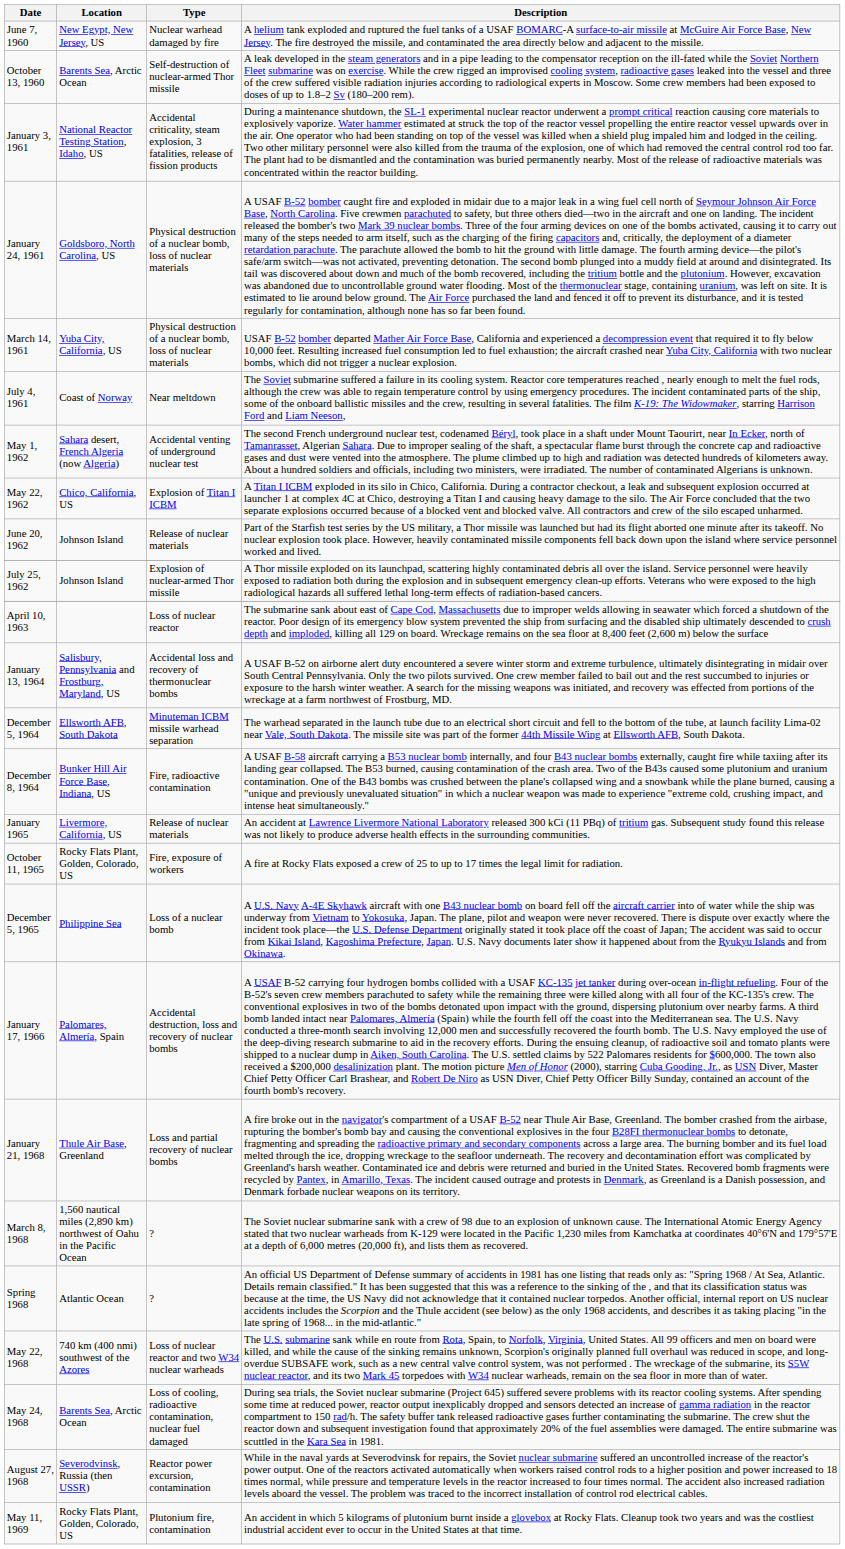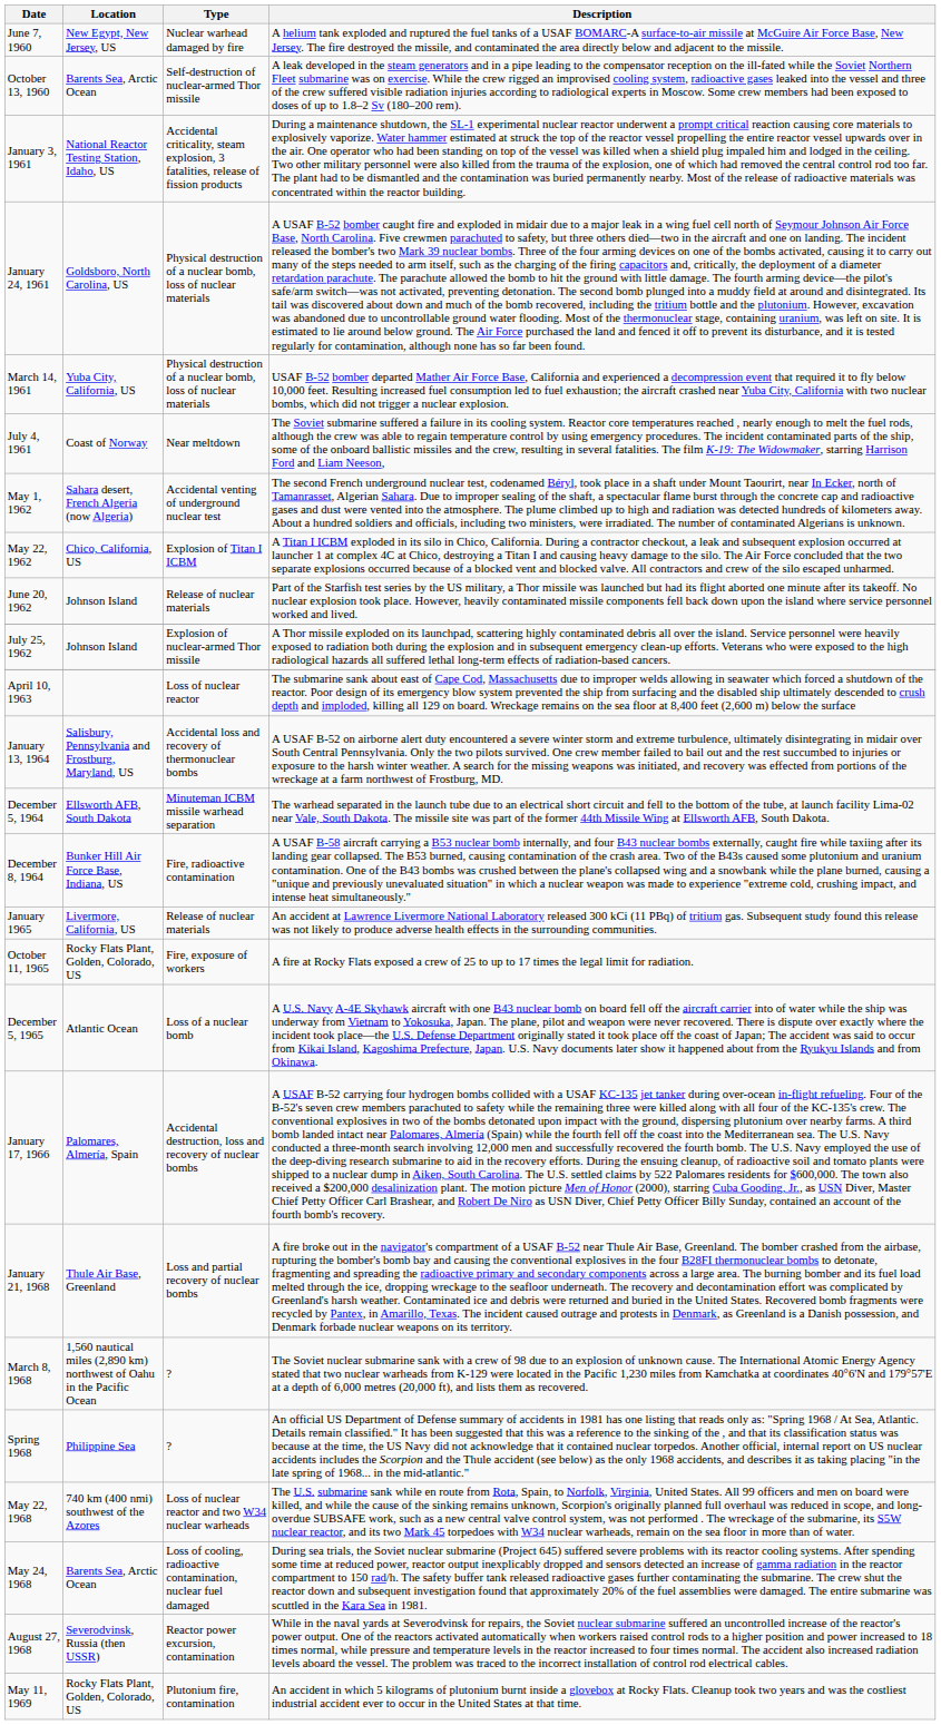 <table class="wikitable toptextcells">
 <tr>
 <th>Date</th>
 <th>Location</th>
 <th>Type</th>
 <th>Description</th>
 </tr>
 <tr>
 <td>June 7, 1960</td>
 <td><a href='#'>New Egypt, New Jersey</a>, US</td>
 <td>Nuclear warhead damaged by fire</td>
 <td>A <a href='#'>helium</a> tank exploded and ruptured the fuel tanks of a USAF <a href='#'>BOMARC</a>-A <a href='#'>surface-to-air missile</a> at <a href='#'>McGuire Air Force Base</a>, <a href='#'>New Jersey</a>. The fire destroyed the missile, and contaminated the area directly below and adjacent to the missile.</td>
 </tr>
 <tr>
 <td>October 13, 1960</td>
 <td><a href='#'>Barents Sea</a>, Arctic Ocean</td>
 <td>Self-destruction of nuclear-armed Thor missile</td>
 <td>A leak developed in the <a href='#'>steam generators</a> and in a pipe leading to the compensator reception on the ill-fated  while the <a href='#'>Soviet</a> <a href='#'>Northern Fleet</a>  <a href='#'>submarine</a> was on <a href='#'>exercise</a>. While the crew rigged an improvised <a href='#'>cooling system</a>, <a href='#'>radioactive gases</a> leaked into the vessel and three of the crew suffered visible radiation injuries according to radiological experts in Moscow. Some crew members had been exposed to doses of up to 1.8–2 <a href='#'>Sv</a> (180–200 rem).</td>
 </tr>
 <tr>
 <td>January 3, 1961</td>
 <td><a href='#'>National Reactor Testing Station</a>, <a href='#'>Idaho</a>, US</td>
 <td>Accidental criticality, steam explosion, 3 fatalities, release of fission products</td>
 <td>During a maintenance shutdown, the <a href='#'>SL-1</a> experimental nuclear reactor underwent a <a href='#'>prompt critical</a> reaction causing core materials to explosively vaporize. <a href='#'>Water hammer</a> estimated at  struck the top of the reactor vessel propelling the entire reactor vessel upwards over  in the air. One operator who had been standing on top of the vessel was killed when a shield plug impaled him and lodged in the ceiling. Two other military personnel were also killed from the trauma of the explosion, one of which had removed the central control rod too far. The plant had to be dismantled and the contamination was buried permanently nearby. Most of the release of radioactive materials was concentrated within the reactor building.</td>
 </tr>
 <tr>
 <td>January 24, 1961</td>
 <td><a href='#'>Goldsboro, North Carolina</a>, US</td>
 <td>Physical destruction of a nuclear bomb, loss of nuclear materials</td>
 <td><br>A USAF <a href='#'>B-52</a> <a href='#'>bomber</a> caught fire and exploded in midair due to a major leak in a wing fuel cell  north of <a href='#'>Seymour Johnson Air Force Base</a>, <a href='#'>North Carolina</a>. Five crewmen <a href='#'>parachuted</a> to safety, but three others died—two in the aircraft and one on landing. The incident released the bomber's two <a href='#'>Mark 39 nuclear bombs</a>. Three of the four arming devices on one of the bombs activated, causing it to carry out many of the steps needed to arm itself, such as the charging of the firing <a href='#'>capacitors</a> and, critically, the deployment of a  diameter <a href='#'>retardation parachute</a>. The parachute allowed the bomb to hit the ground with little damage. The fourth arming device—the pilot's safe/arm switch—was not activated, preventing detonation. The second bomb plunged into a muddy field at around  and disintegrated. Its tail was discovered about  down and much of the bomb recovered, including the <a href='#'>tritium</a> bottle and the <a href='#'>plutonium</a>. However, excavation was abandoned due to uncontrollable ground water flooding. Most of the <a href='#'>thermonuclear</a> stage, containing <a href='#'>uranium</a>, was left on site. It is estimated to lie around  below ground. The <a href='#'>Air Force</a> purchased the land and fenced it off to prevent its disturbance, and it is tested regularly for contamination, although none has so far been found.</td>
 </tr>
 <tr>
 <td>March 14, 1961</td>
 <td><a href='#'>Yuba City, California</a>, US</td>
 <td>Physical destruction of a nuclear bomb, loss of nuclear materials</td>
 <td><br>USAF <a href='#'>B-52</a> <a href='#'>bomber</a> departed <a href='#'>Mather Air Force Base</a>, California and experienced a <a href='#'>decompression event</a> that required it to fly below 10,000 feet.  Resulting increased fuel consumption led to fuel exhaustion; the aircraft crashed near <a href='#'>Yuba City, California</a> with two nuclear bombs, which did not trigger a nuclear explosion.</td>
 </tr>
 <tr>
 <td>July 4, 1961</td>
 <td>Coast of <a href='#'>Norway</a></td>
 <td>Near meltdown</td>
 <td>The <a href='#'>Soviet</a>  submarine  suffered a failure in its cooling system. Reactor core temperatures reached , nearly enough to melt the fuel rods, although the crew was able to regain temperature control by using emergency procedures. The incident contaminated parts of the ship, some of the onboard ballistic missiles and the crew, resulting in several fatalities.  The film <em><a href='#'>K-19: The Widowmaker</a></em>, starring <a href='#'>Harrison Ford</a> and <a href='#'>Liam Neeson</a>, </td>
 </tr>
 <tr>
 <td>May 1, 1962</td>
 <td><a href='#'>Sahara</a> desert, <a href='#'>French Algeria</a> (now <a href='#'>Algeria</a>)</td>
 <td>Accidental venting of underground nuclear test</td>
 <td>The second French underground nuclear test, codenamed <a href='#'>Béryl</a>, took place in a shaft under Mount Taourirt, near <a href='#'>In Ecker</a>,  north of <a href='#'>Tamanrasset</a>, Algerian <a href='#'>Sahara</a>. Due to improper sealing of the shaft, a spectacular flame burst through the concrete cap and radioactive gases and dust were vented into the atmosphere. The plume climbed up to  high and radiation was detected hundreds of kilometers away. About a hundred soldiers and officials, including two ministers, were irradiated. The number of contaminated Algerians is unknown.</td>
 </tr>
 <tr>
 <td>May 22, 1962</td>
 <td><a href='#'>Chico, California</a>, US</td>
 <td>Explosion of <a href='#'>Titan I ICBM</a></td>
 <td>A <a href='#'>Titan I ICBM</a> exploded in its silo in Chico, California. During a contractor checkout, a leak and subsequent explosion occurred at launcher 1 at complex 4C at Chico, destroying a Titan I and causing heavy damage to the silo. The Air Force concluded that the two separate explosions occurred because of a blocked vent and blocked valve.  All contractors and crew of the silo escaped unharmed.</td>
 </tr>
 <tr>
 <td>June 20, 1962</td>
 <td>Johnson Island</td>
 <td>Release of nuclear materials</td>
 <td>Part of the Starfish test series by the US military, a Thor missile was launched but had its flight aborted one minute after its takeoff. No nuclear explosion took place. However, heavily contaminated missile components fell back down upon the island where service personnel worked and lived.</td>
 </tr>
 <tr https://nautilus.org/apsnet/cleaning-up-johnston-atoll/>
 </tr>
 <tr>
 <td>July 25, 1962</td>
 <td>Johnson Island</td>
 <td>Explosion of nuclear-armed Thor missile</td>
 <td>A Thor missile exploded on its launchpad, scattering highly contaminated debris all over the island. Service personnel were heavily exposed to radiation both during the explosion and in subsequent emergency clean-up efforts. Veterans who were exposed to the high radiological hazards all suffered lethal long-term effects of radiation-based cancers.</td>
 </tr>
 <tr https://nautilus.org/apsnet/cleaning-up-johnston-atoll/>
 </tr>
 <tr>
 <td>April 10, 1963</td>
 <td></td>
 <td>Loss of nuclear reactor</td>
 <td>The submarine  sank about  east of <a href='#'>Cape Cod</a>, <a href='#'>Massachusetts</a> due to improper welds allowing in seawater which forced a shutdown of the reactor. Poor design of its emergency blow system prevented the ship from surfacing and the disabled ship ultimately descended to <a href='#'>crush depth</a> and <a href='#'>imploded</a>, killing all 129 on board. Wreckage remains on the sea floor  at  8,400 feet (2,600 m) below the surface</td>
 </tr>
 <tr>
 <td>January 13, 1964</td>
 <td><a href='#'>Salisbury, Pennsylvania</a> and <a href='#'>Frostburg, Maryland</a>, US</td>
 <td>Accidental loss and recovery of thermonuclear bombs</td>
 <td><br>A USAF B-52 on airborne alert duty encountered a severe winter storm and extreme turbulence, ultimately disintegrating in midair over South Central Pennsylvania. Only the two pilots survived. One crew member failed to bail out and the rest succumbed to injuries or exposure to the harsh winter weather. A search for the missing weapons was initiated, and recovery was effected from portions of the wreckage at a farm northwest of Frostburg, MD.</td>
 </tr>
 <tr>
 <td>December 5, 1964</td>
 <td><a href='#'>Ellsworth AFB</a>, <a href='#'>South Dakota</a></td>
 <td><a href='#'>Minuteman ICBM</a> missile warhead separation</td>
 <td>The warhead separated in the launch tube due to an electrical short circuit and fell to the bottom of the tube, at launch facility Lima-02 near <a href='#'>Vale, South Dakota</a>. The missile site was part of the former <a href='#'>44th Missile Wing</a> at <a href='#'>Ellsworth AFB</a>, South Dakota.</td>
 </tr>
 <tr>
 <td>December 8, 1964</td>
 <td><a href='#'>Bunker Hill Air Force Base</a>, <a href='#'>Indiana</a>, US</td>
 <td>Fire, radioactive contamination</td>
 <td>A USAF <a href='#'>B-58</a> aircraft carrying a <a href='#'>B53 nuclear bomb</a> internally, and four <a href='#'>B43 nuclear bombs</a> externally, caught fire while taxiing after its landing gear collapsed. The B53 burned, causing contamination of the crash area. Two of the B43s caused some plutonium and uranium contamination. One of the B43 bombs was crushed between the plane's collapsed wing and a snowbank while the plane burned, causing a "unique and previously unevaluated situation" in which a nuclear weapon was made to experience "extreme cold, crushing impact, and intense heat simultaneously."</td>
 </tr>
 <tr>
 <td>January 1965</td>
 <td><a href='#'>Livermore, California</a>, US</td>
 <td>Release of nuclear materials</td>
 <td>An accident at <a href='#'>Lawrence Livermore National Laboratory</a> released 300 kCi (11 PBq) of <a href='#'>tritium</a> gas. Subsequent study found this release was not likely to produce adverse health effects in the surrounding communities.</td>
 </tr>
 <tr>
 <td>October 11, 1965</td>
 <td>Rocky Flats Plant, Golden, Colorado, US</td>
 <td>Fire, exposure of workers</td>
 <td>A fire at Rocky Flats exposed a crew of 25 to up to 17 times the legal limit for radiation.</td>
 </tr>
 <tr>
 <td>December 5, 1965</td>
-<td><a href='#'>Philippine Sea</a></td>
+<td>Atlantic Ocean</td>
 <td>Loss of a nuclear bomb</td>
 <td><br>A <a href='#'>U.S. Navy</a> <a href='#'>A-4E Skyhawk</a> aircraft with one <a href='#'>B43 nuclear bomb</a> on board fell off the <a href='#'>aircraft carrier</a>  into  of water while the ship was underway from <a href='#'>Vietnam</a> to <a href='#'>Yokosuka</a>, Japan. The plane, pilot and weapon were never recovered. There is dispute over exactly where the incident took place—the <a href='#'>U.S. Defense Department</a> originally stated it took place  off the coast of Japan; The accident was said to occur  from <a href='#'>Kikai Island</a>, <a href='#'>Kagoshima Prefecture</a>, <a href='#'>Japan</a>. U.S. Navy documents later show it happened about  from the <a href='#'>Ryukyu Islands</a> and  from <a href='#'>Okinawa</a>.</td>
 </tr>
 <tr>
 <td>January 17, 1966</td>
 <td><a href='#'>Palomares, Almería</a>, Spain</td>
 <td>Accidental destruction, loss and recovery of nuclear bombs</td>
 <td><br>A <a href='#'>USAF</a> B-52 carrying four hydrogen bombs collided with a USAF <a href='#'>KC-135</a> <a href='#'>jet tanker</a> during over-ocean <a href='#'>in-flight refueling</a>. Four of the B-52's seven crew members parachuted to safety while the remaining three were killed along with all four of the KC-135's crew. The conventional explosives in two of the bombs detonated upon impact with the ground, dispersing plutonium over nearby farms. A third bomb landed intact near <a href='#'>Palomares, Almería</a> (Spain) while the fourth fell  off the coast into the Mediterranean sea. The U.S. Navy conducted a three-month search involving 12,000 men and successfully recovered the fourth bomb. The U.S. Navy employed the use of the deep-diving research submarine  to aid in the recovery efforts. During the ensuing cleanup,  of radioactive soil and tomato plants were shipped to a nuclear dump in <a href='#'>Aiken, South Carolina</a>. The U.S. settled claims by 522 Palomares residents for <a href='#'>$</a>600,000. The town also received a $200,000 <a href='#'>desalinization</a> plant. The motion picture <em><a href='#'>Men of Honor</a></em> (2000), starring <a href='#'>Cuba Gooding, Jr.</a>, as <a href='#'>USN</a> Diver, Master Chief Petty Officer Carl Brashear, and <a href='#'>Robert De Niro</a> as USN Diver, Chief Petty Officer Billy Sunday, contained an account of the fourth bomb's recovery.</td>
 </tr>
 <tr>
 <td>January 21, 1968</td>
 <td><a href='#'>Thule Air Base</a>, Greenland</td>
 <td>Loss and partial recovery of nuclear bombs</td>
 <td><br>A fire broke out in the <a href='#'>navigator</a>'s compartment of a USAF <a href='#'>B-52</a> near Thule Air Base, Greenland. The bomber crashed  from the airbase, rupturing the bomber's bomb bay and causing the conventional explosives in the four <a href='#'>B28FI thermonuclear bombs</a> to detonate, fragmenting and spreading the <a href='#'>radioactive primary and secondary components</a> across a large area. The burning bomber and its fuel load melted through the ice, dropping wreckage to the seafloor underneath.  The recovery and decontamination effort was complicated by Greenland's harsh weather. Contaminated ice and debris were returned and buried in the United States. Recovered bomb fragments were recycled by <a href='#'>Pantex</a>, in <a href='#'>Amarillo, Texas</a>. The incident caused outrage and protests in <a href='#'>Denmark</a>, as Greenland is a Danish possession, and Denmark forbade nuclear weapons on its territory.</td>
 </tr>
 <tr>
 <td>March 8, 1968</td>
 <td>1,560 nautical miles (2,890 km) northwest of Oahu in the Pacific Ocean</td>
 <td>?</td>
 <td>The Soviet nuclear submarine  sank with a crew of 98 due to an explosion of unknown cause. The International Atomic Energy Agency stated that two nuclear warheads from K-129 were located in the Pacific 1,230 miles from Kamchatka at coordinates 40°6'N and 179°57'E at a depth of 6,000 metres (20,000 ft), and lists them as recovered.</td>
 </tr>
 <tr>
 <td>Spring 1968</td>
-<td>Atlantic Ocean</td>
+<td><a href='#'>Philippine Sea</a></td>
 <td>?</td>
 <td>An official US Department of Defense summary of accidents in 1981 has one listing that reads only as: "Spring 1968 / At Sea, Atlantic. Details remain classified." It has been suggested that this was a reference to the sinking of the , and that its classification status was because at the time, the US Navy did not acknowledge that it contained nuclear torpedos. Another official, internal report on US nuclear accidents includes the <em>Scorpion</em> and the Thule accident (see below) as the only 1968 accidents, and describes it as taking placing "in the late spring of 1968... in the mid-atlantic."</td>
 </tr>
 <tr>
 <td>May 22, 1968</td>
 <td>740 km (400 nmi) southwest of the <a href='#'>Azores</a></td>
 <td>Loss of nuclear reactor and two <a href='#'>W34</a> nuclear warheads</td>
 <td>The <a href='#'>U.S.</a> <a href='#'>submarine</a>  sank while en route from <a href='#'>Rota</a>, Spain, to <a href='#'>Norfolk</a>, <a href='#'>Virginia</a>, United States. All 99 officers and men on board were killed, and while the cause of the sinking remains unknown, Scorpion's originally planned full overhaul was reduced in scope, and long-overdue SUBSAFE work, such as a new central valve control system, was not performed . The wreckage of the submarine, its <a href='#'>S5W</a> <a href='#'>nuclear reactor</a>, and its two <a href='#'>Mark 45</a> torpedoes with <a href='#'>W34</a> nuclear warheads, remain on the sea floor in more than  of water.</td>
 </tr>
 <tr>
 <td>May 24, 1968</td>
 <td><a href='#'>Barents Sea</a>, Arctic Ocean</td>
 <td>Loss of cooling, radioactive contamination, nuclear fuel damaged</td>
 <td>During sea trials, the Soviet nuclear submarine  (Project 645) suffered severe problems with its reactor cooling systems. After spending some time at reduced power, reactor output inexplicably dropped and sensors detected an increase of <a href='#'>gamma radiation</a> in the reactor compartment to 150 <a href='#'>rad</a>/h. The safety buffer tank released radioactive gases further contaminating the submarine. The crew shut the reactor down and subsequent investigation found that approximately 20% of the fuel assemblies were damaged. The entire submarine was scuttled in the <a href='#'>Kara Sea</a> in 1981.</td>
 </tr>
 <tr>
 <td>August 27, 1968</td>
 <td><a href='#'>Severodvinsk</a>, Russia (then <a href='#'>USSR</a>)</td>
 <td>Reactor power excursion, contamination</td>
 <td>While in the naval yards at Severodvinsk for repairs, the Soviet  <a href='#'>nuclear submarine</a>  suffered an uncontrolled increase of the reactor's power output. One of the reactors activated automatically when workers raised control rods to a higher position and power increased to 18 times normal, while pressure and temperature levels in the reactor increased to four times normal. The accident also increased radiation levels aboard the vessel. The problem was traced to the incorrect installation of control rod electrical cables.</td>
 </tr>
 <tr>
 <td>May 11, 1969</td>
 <td>Rocky Flats Plant, Golden, Colorado, US</td>
 <td>Plutonium fire, contamination</td>
 <td>An accident in which 5 kilograms of plutonium burnt inside a <a href='#'>glovebox</a> at Rocky Flats. Cleanup took two years and was the costliest industrial accident ever to occur in the United States at that time.</td>
 </tr>
 </table>
